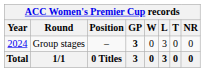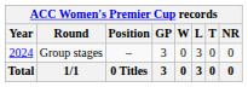 <table class="wikitable" style="text-align: center; width=900px;">
 <tr>
 <th colspan="8"><a href='#'>ACC Women's Premier Cup</a> records</th>
 </tr>
 <tr>
 <th>Year</th>
 <th>Round</th>
 <th>Position</th>
 <th>GP</th>
 <th>W</th>
 <th>L</th>
 <th>T</th>
 <th>NR</th>
 </tr>
 <tr>
 <td> <a href='#'>2024</a></td>
 <td>Group stages</td>
 <td>–</td>
-<td><strong>3</strong></td>
+<td>3</td>
 <td>0</td>
 <td>3</td>
 <td>0</td>
 <td>0</td>
 </tr>
 <tr>
 <th>Total</th>
 <th>1/1</th>
 <th>0 Titles</th>
 <th>3</th>
 <th>0</th>
 <th>3</th>
 <th>0</th>
 <th>0</th>
 </tr>
 </table>
